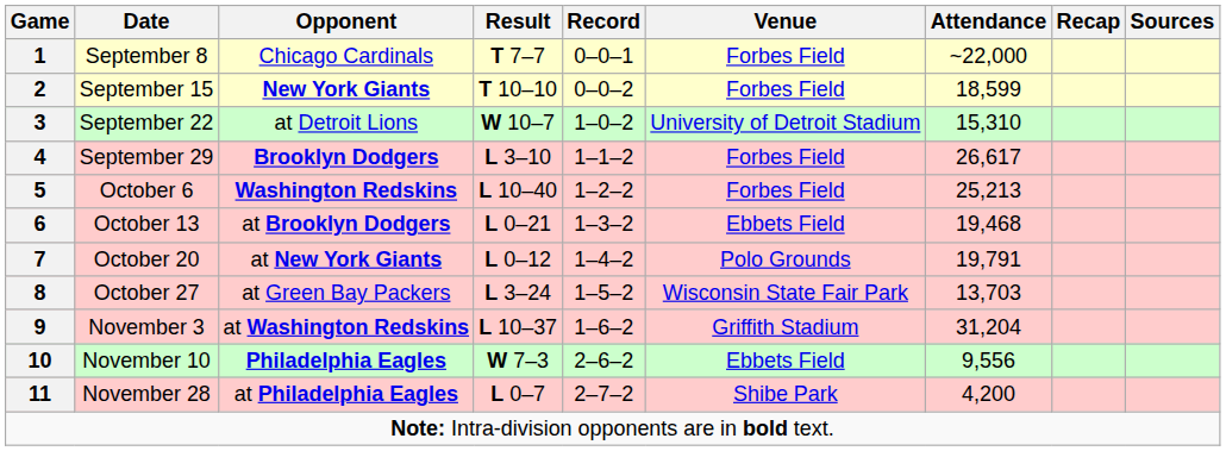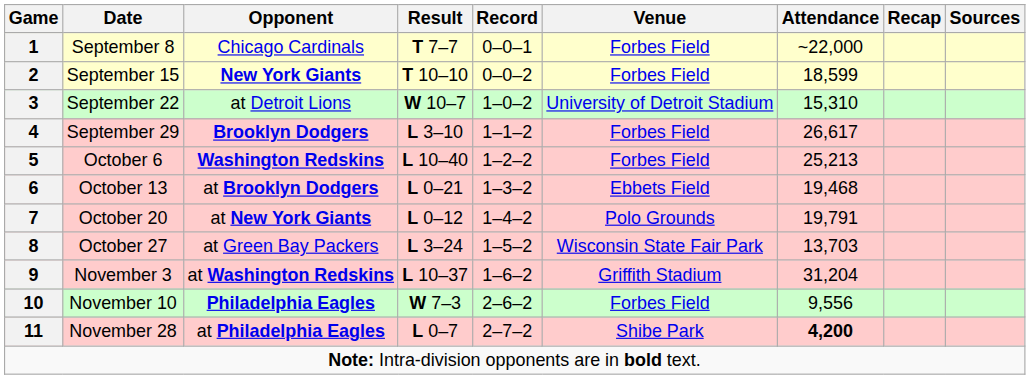 <table class="wikitable" style="text-align:center">
 <tr>
 <th>Game</th>
 <th>Date</th>
 <th>Opponent</th>
 <th>Result</th>
 <th>Record</th>
 <th>Venue</th>
 <th>Attendance</th>
 <th>Recap</th>
 <th>Sources</th>
 </tr>
 <tr style="background:#ffc">
 <th>1</th>
 <td>September 8</td>
 <td><a href='#'>Chicago Cardinals</a></td>
 <td><strong>T</strong> 7–7</td>
 <td>0–0–1</td>
 <td><a href='#'>Forbes Field</a></td>
 <td>~22,000</td>
 <td></td>
 <td></td>
 </tr>
 <tr style="background:#ffc">
 <th>2</th>
 <td>September 15</td>
 <td><strong><a href='#'>New York Giants</a></strong></td>
 <td><strong>T</strong> 10–10</td>
 <td>0–0–2</td>
 <td><a href='#'>Forbes Field</a></td>
 <td>18,599</td>
 <td></td>
 <td></td>
 </tr>
 <tr style="background:#cfc">
 <th>3</th>
 <td>September 22</td>
 <td>at <a href='#'>Detroit Lions</a></td>
 <td><strong>W</strong> 10–7</td>
 <td>1–0–2</td>
 <td><a href='#'>University of Detroit Stadium</a></td>
 <td>15,310</td>
 <td></td>
 <td></td>
 </tr>
 <tr style="background:#fcc">
 <th>4</th>
 <td>September 29</td>
 <td><strong><a href='#'>Brooklyn Dodgers</a></strong></td>
 <td><strong>L</strong> 3–10</td>
 <td>1–1–2</td>
 <td><a href='#'>Forbes Field</a></td>
 <td>26,617</td>
 <td></td>
 <td></td>
 </tr>
 <tr style="background:#fcc">
 <th>5</th>
 <td>October 6</td>
 <td><strong><a href='#'>Washington Redskins</a></strong></td>
 <td><strong>L</strong> 10–40</td>
 <td>1–2–2</td>
 <td><a href='#'>Forbes Field</a></td>
 <td>25,213</td>
 <td></td>
 <td></td>
 </tr>
 <tr style="background:#fcc">
 <th>6</th>
 <td>October 13</td>
 <td>at <strong><a href='#'>Brooklyn Dodgers</a></strong></td>
 <td><strong>L</strong> 0–21</td>
 <td>1–3–2</td>
 <td><a href='#'>Ebbets Field</a></td>
 <td>19,468</td>
 <td></td>
 <td></td>
 </tr>
 <tr style="background:#fcc">
 <th>7</th>
 <td>October 20</td>
 <td>at <strong><a href='#'>New York Giants</a></strong></td>
 <td><strong>L</strong> 0–12</td>
 <td>1–4–2</td>
 <td><a href='#'>Polo Grounds</a></td>
 <td>19,791</td>
 <td></td>
 <td></td>
 </tr>
 <tr style="background:#fcc">
 <th>8</th>
 <td>October 27</td>
 <td>at <a href='#'>Green Bay Packers</a></td>
 <td><strong>L</strong> 3–24</td>
 <td>1–5–2</td>
 <td><a href='#'>Wisconsin State Fair Park</a></td>
 <td>13,703</td>
 <td></td>
 <td></td>
 </tr>
 <tr style="background:#fcc">
 <th>9</th>
 <td>November 3</td>
 <td>at <strong><a href='#'>Washington Redskins</a></strong></td>
 <td><strong>L</strong> 10–37</td>
 <td>1–6–2</td>
 <td><a href='#'>Griffith Stadium</a></td>
 <td>31,204</td>
 <td></td>
 <td></td>
 </tr>
 <tr style="background:#cfc">
 <th>10</th>
 <td>November 10</td>
 <td><strong><a href='#'>Philadelphia Eagles</a></strong></td>
 <td><strong>W</strong> 7–3</td>
 <td>2–6–2</td>
-<td><a href='#'>Ebbets Field</a></td>
+<td><a href='#'>Forbes Field</a></td>
 <td>9,556</td>
 <td></td>
 <td></td>
 </tr>
 <tr style="background:#fcc">
 <th>11</th>
 <td>November 28</td>
 <td>at <strong><a href='#'>Philadelphia Eagles</a></strong></td>
 <td><strong>L</strong> 0–7</td>
 <td>2–7–2</td>
 <td><a href='#'>Shibe Park</a></td>
-<td>4,200</td>
+<td><strong>4,200</strong></td>
 <td></td>
 <td></td>
 </tr>
 <tr>
 <td colspan="10"><strong>Note:</strong> Intra-division opponents are in <strong>bold</strong> text.</td>
 </tr>
 </table>
